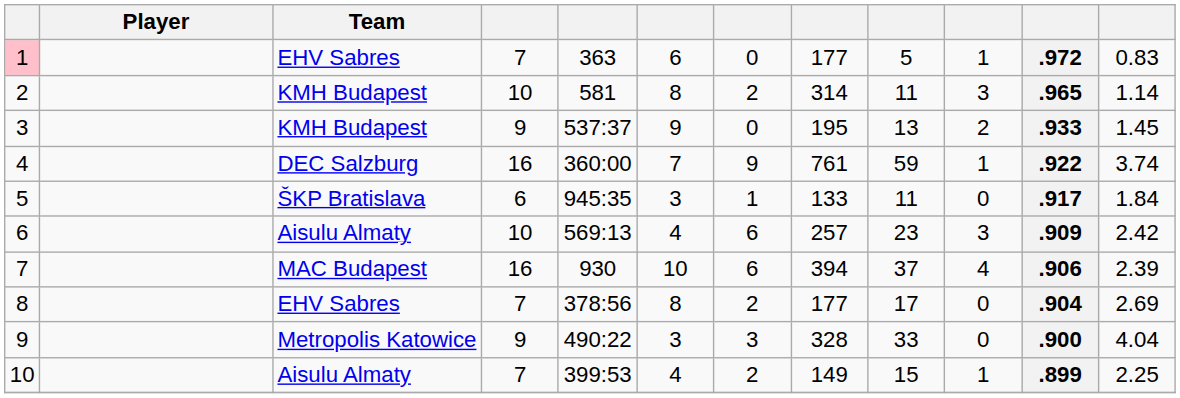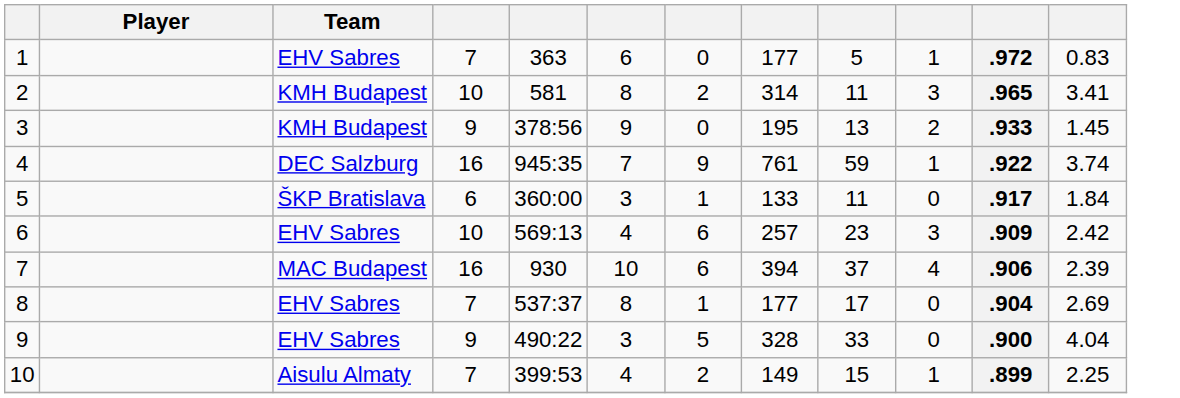 <table class="wikitable sortable" style="text-align: center">
 <tr>
 <th></th>
 <th style="width: 10em;">Player</th>
 <th>Team</th>
 <th style="width: 3em;"></th>
 <th style="width: 3em;"></th>
 <th style="width: 3em;"></th>
 <th style="width: 3em;"></th>
 <th style="width: 3em;"></th>
 <th style="width: 3em;"></th>
 <th style="width: 3em;"></th>
 <th style="width: 3em;"></th>
 <th style="width: 3em;"></th>
 </tr>
 <tr>
-<td style="background: pink;">1</td>
+<td>1</td>
 <td style="text-align:left;"></td>
 <td style="text-align:left;"><a href='#'>EHV Sabres</a></td>
 <td>7</td>
 <td>363</td>
 <td>6</td>
 <td>0</td>
 <td>177</td>
 <td>5</td>
 <td>1</td>
 <th>.972</th>
 <td>0.83</td>
 </tr>
 <tr>
 <td>2</td>
 <td style="text-align:left;"></td>
 <td style="text-align:left;"><a href='#'>KMH Budapest</a></td>
 <td>10</td>
 <td>581</td>
 <td>8</td>
 <td>2</td>
 <td>314</td>
 <td>11</td>
 <td>3</td>
 <th>.965</th>
-<td>1.14</td>
+<td>3.41</td>
 </tr>
 <tr>
 <td>3</td>
 <td style="text-align:left;"></td>
 <td style="text-align:left;"><a href='#'>KMH Budapest</a></td>
 <td>9</td>
-<td>537:37</td>
+<td>378:56</td>
 <td>9</td>
 <td>0</td>
 <td>195</td>
 <td>13</td>
 <td>2</td>
 <th>.933</th>
 <td>1.45</td>
 </tr>
 <tr>
 <td>4</td>
 <td style="text-align:left;"></td>
 <td style="text-align:left;"><a href='#'>DEC Salzburg</a></td>
 <td>16</td>
-<td>360:00</td>
+<td>945:35</td>
 <td>7</td>
 <td>9</td>
 <td>761</td>
 <td>59</td>
 <td>1</td>
 <th>.922</th>
 <td>3.74</td>
 </tr>
 <tr>
 <td>5</td>
 <td style="text-align:left;"></td>
 <td style="text-align:left;"><a href='#'>ŠKP Bratislava</a></td>
 <td>6</td>
-<td>945:35</td>
+<td>360:00</td>
 <td>3</td>
 <td>1</td>
 <td>133</td>
 <td>11</td>
 <td>0</td>
 <th>.917</th>
 <td>1.84</td>
 </tr>
 <tr>
 <td>6</td>
 <td style="text-align:left;"></td>
-<td style="text-align:left;"><a href='#'>Aisulu Almaty</a></td>
+<td style="text-align:left;"><a href='#'>EHV Sabres</a></td>
 <td>10</td>
 <td>569:13</td>
 <td>4</td>
 <td>6</td>
 <td>257</td>
 <td>23</td>
 <td>3</td>
 <th>.909</th>
 <td>2.42</td>
 </tr>
 <tr>
 <td>7</td>
 <td style="text-align:left;"></td>
 <td style="text-align:left;"><a href='#'>MAC Budapest</a></td>
 <td>16</td>
 <td>930</td>
 <td>10</td>
 <td>6</td>
 <td>394</td>
 <td>37</td>
 <td>4</td>
 <th>.906</th>
 <td>2.39</td>
 </tr>
 <tr>
 <td>8</td>
 <td style="text-align:left;"></td>
 <td style="text-align:left;"><a href='#'>EHV Sabres</a></td>
 <td>7</td>
-<td>378:56</td>
+<td>537:37</td>
 <td>8</td>
-<td>2</td>
+<td>1</td>
 <td>177</td>
 <td>17</td>
 <td>0</td>
 <th>.904</th>
 <td>2.69</td>
 </tr>
 <tr>
 <td>9</td>
 <td style="text-align:left;"></td>
-<td style="text-align:left;"><a href='#'>Metropolis Katowice</a></td>
+<td style="text-align:left;"><a href='#'>EHV Sabres</a></td>
 <td>9</td>
 <td>490:22</td>
 <td>3</td>
-<td>3</td>
+<td>5</td>
 <td>328</td>
 <td>33</td>
 <td>0</td>
 <th>.900</th>
 <td>4.04</td>
 </tr>
 <tr>
 <td>10</td>
 <td style="text-align:left;"></td>
 <td style="text-align:left;"><a href='#'>Aisulu Almaty</a></td>
 <td>7</td>
 <td>399:53</td>
 <td>4</td>
 <td>2</td>
 <td>149</td>
 <td>15</td>
 <td>1</td>
 <th>.899</th>
 <td>2.25</td>
 </tr>
 <tr>
 </tr>
 </table>
